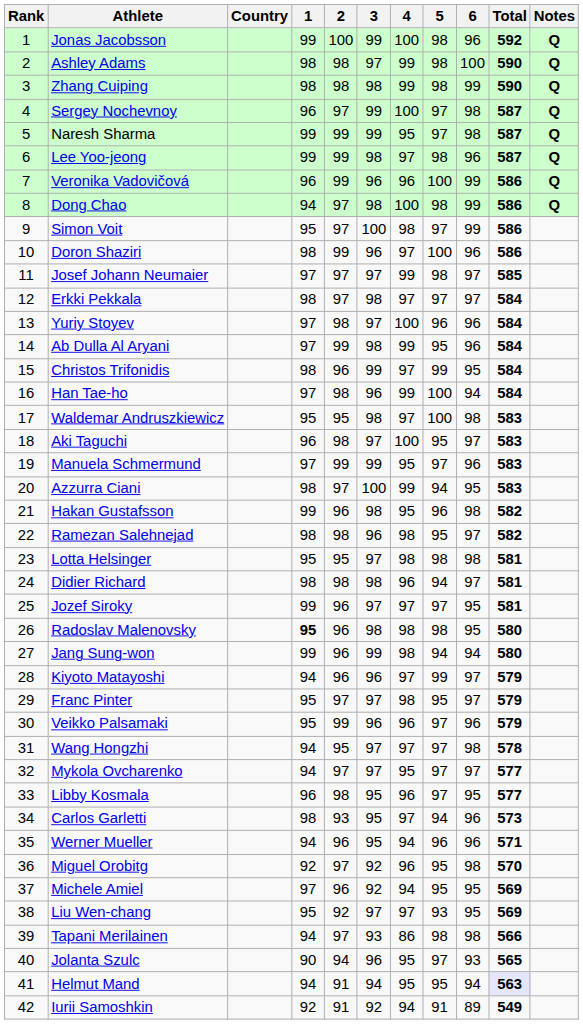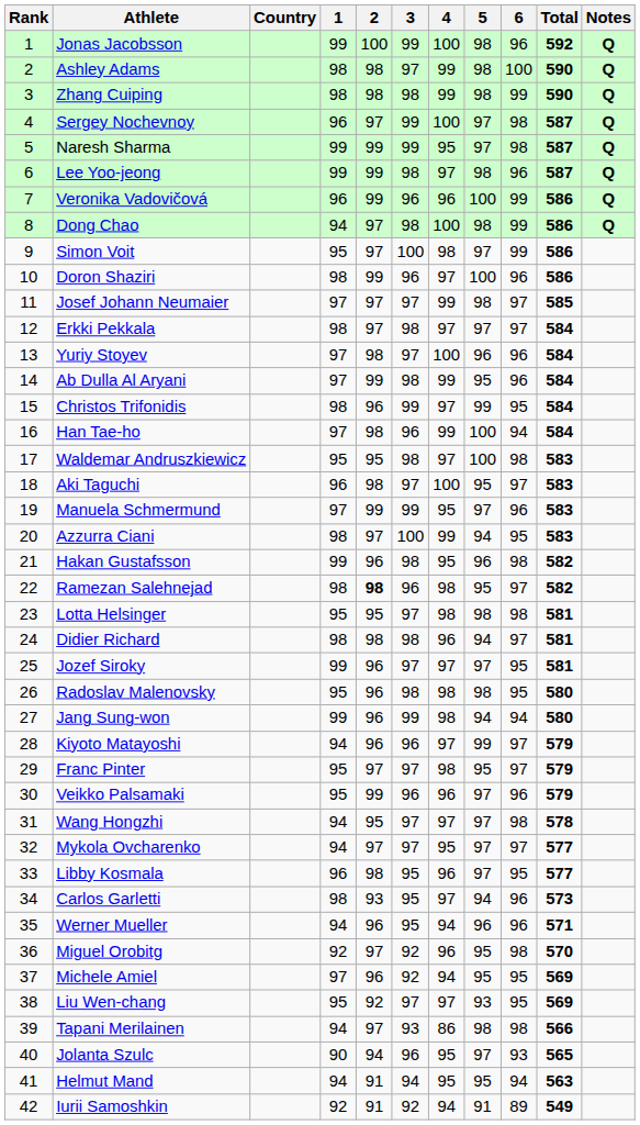 <table class="wikitable sortable" style="text-align:center">
 <tr>
 <th>Rank</th>
 <th>Athlete</th>
 <th>Country</th>
 <th style="width: 28px">1</th>
 <th style="width: 28px">2</th>
 <th style="width: 28px">3</th>
 <th style="width: 28px">4</th>
 <th style="width: 28px">5</th>
 <th style="width: 28px">6</th>
 <th>Total</th>
 <th class="unsortable">Notes</th>
 </tr>
 <tr bgcolor=#ccffcc>
 <td>1</td>
 <td align="left"><a href='#'>Jonas Jacobsson</a></td>
 <td align="left"></td>
 <td align="center">99</td>
 <td align="center">100</td>
 <td align="center">99</td>
 <td align="center">100</td>
 <td align="center">98</td>
 <td align="center">96</td>
 <td align="center"><strong>592</strong></td>
 <td align="center"><strong>Q</strong></td>
 </tr>
 <tr bgcolor=#ccffcc>
 <td>2</td>
 <td align="left"><a href='#'>Ashley Adams</a></td>
 <td align="left"></td>
 <td align="center">98</td>
 <td align="center">98</td>
 <td align="center">97</td>
 <td align="center">99</td>
 <td align="center">98</td>
 <td align="center">100</td>
 <td align="center"><strong>590</strong></td>
 <td align="center"><strong>Q</strong></td>
 </tr>
 <tr bgcolor=#ccffcc>
 <td>3</td>
 <td align="left"><a href='#'>Zhang Cuiping</a></td>
 <td align="left"></td>
 <td align="center">98</td>
 <td align="center">98</td>
 <td align="center">98</td>
 <td align="center">99</td>
 <td align="center">98</td>
 <td align="center">99</td>
 <td align="center"><strong>590</strong></td>
 <td align="center"><strong>Q</strong></td>
 </tr>
 <tr bgcolor=#ccffcc>
 <td>4</td>
 <td align="left"><a href='#'>Sergey Nochevnoy</a></td>
 <td align="left"></td>
 <td align="center">96</td>
 <td align="center">97</td>
 <td align="center">99</td>
 <td align="center">100</td>
 <td align="center">97</td>
 <td align="center">98</td>
 <td align="center"><strong>587</strong></td>
 <td align="center"><strong>Q</strong></td>
 </tr>
 <tr bgcolor=#ccffcc>
 <td>5</td>
 <td align="left">Naresh Sharma</td>
 <td align="left"></td>
 <td align="center">99</td>
 <td align="center">99</td>
 <td align="center">99</td>
 <td align="center">95</td>
 <td align="center">97</td>
 <td align="center">98</td>
 <td align="center"><strong>587</strong></td>
 <td align="center"><strong>Q</strong></td>
 </tr>
 <tr bgcolor=#ccffcc>
 <td>6</td>
 <td align="left"><a href='#'>Lee Yoo-jeong</a></td>
 <td align="left"></td>
 <td align="center">99</td>
 <td align="center">99</td>
 <td align="center">98</td>
 <td align="center">97</td>
 <td align="center">98</td>
 <td align="center">96</td>
 <td align="center"><strong>587</strong></td>
 <td align="center"><strong>Q</strong></td>
 </tr>
 <tr bgcolor=#ccffcc>
 <td>7</td>
 <td align="left"><a href='#'>Veronika Vadovičová</a></td>
 <td align="left"></td>
 <td align="center">96</td>
 <td align="center">99</td>
 <td align="center">96</td>
 <td align="center">96</td>
 <td align="center">100</td>
 <td align="center">99</td>
 <td align="center"><strong>586</strong></td>
 <td align="center"><strong>Q</strong></td>
 </tr>
 <tr bgcolor=#ccffcc>
 <td>8</td>
 <td align="left"><a href='#'>Dong Chao</a></td>
 <td align="left"></td>
 <td align="center">94</td>
 <td align="center">97</td>
 <td align="center">98</td>
 <td align="center">100</td>
 <td align="center">98</td>
 <td align="center">99</td>
 <td align="center"><strong>586</strong></td>
 <td align="center"><strong>Q</strong></td>
 </tr>
 <tr>
 <td>9</td>
 <td align="left"><a href='#'>Simon Voit</a></td>
 <td align="left"></td>
 <td align="center">95</td>
 <td align="center">97</td>
 <td align="center">100</td>
 <td align="center">98</td>
 <td align="center">97</td>
 <td align="center">99</td>
 <td align="center"><strong>586</strong></td>
 <td></td>
 </tr>
 <tr>
 <td>10</td>
 <td align="left"><a href='#'>Doron Shaziri</a></td>
 <td align="left"></td>
 <td align="center">98</td>
 <td align="center">99</td>
 <td align="center">96</td>
 <td align="center">97</td>
 <td align="center">100</td>
 <td align="center">96</td>
 <td align="center"><strong>586</strong></td>
 <td></td>
 </tr>
 <tr>
 <td>11</td>
 <td align="left"><a href='#'>Josef Johann Neumaier</a></td>
 <td align="left"></td>
 <td align="center">97</td>
 <td align="center">97</td>
 <td align="center">97</td>
 <td align="center">99</td>
 <td align="center">98</td>
 <td align="center">97</td>
 <td align="center"><strong>585</strong></td>
 <td></td>
 </tr>
 <tr>
 <td>12</td>
 <td align="left"><a href='#'>Erkki Pekkala</a></td>
 <td align="left"></td>
 <td align="center">98</td>
 <td align="center">97</td>
 <td align="center">98</td>
 <td align="center">97</td>
 <td align="center">97</td>
 <td align="center">97</td>
 <td align="center"><strong>584</strong></td>
 <td></td>
 </tr>
 <tr>
 <td>13</td>
 <td align="left"><a href='#'>Yuriy Stoyev</a></td>
 <td align="left"></td>
 <td align="center">97</td>
 <td align="center">98</td>
 <td align="center">97</td>
 <td align="center">100</td>
 <td align="center">96</td>
 <td align="center">96</td>
 <td align="center"><strong>584</strong></td>
 <td></td>
 </tr>
 <tr>
 <td>14</td>
 <td align="left"><a href='#'>Ab Dulla Al Aryani</a></td>
 <td align="left"></td>
 <td align="center">97</td>
 <td align="center">99</td>
 <td align="center">98</td>
 <td align="center">99</td>
 <td align="center">95</td>
 <td align="center">96</td>
 <td align="center"><strong>584</strong></td>
 <td></td>
 </tr>
 <tr>
 <td>15</td>
 <td align="left"><a href='#'>Christos Trifonidis</a></td>
 <td align="left"></td>
 <td align="center">98</td>
 <td align="center">96</td>
 <td align="center">99</td>
 <td align="center">97</td>
 <td align="center">99</td>
 <td align="center">95</td>
 <td align="center"><strong>584</strong></td>
 <td></td>
 </tr>
 <tr>
 <td>16</td>
 <td align="left"><a href='#'>Han Tae-ho</a></td>
 <td align="left"></td>
 <td align="center">97</td>
 <td align="center">98</td>
 <td align="center">96</td>
 <td align="center">99</td>
 <td align="center">100</td>
 <td align="center">94</td>
 <td align="center"><strong>584</strong></td>
 <td></td>
 </tr>
 <tr>
 <td>17</td>
 <td align="left"><a href='#'>Waldemar Andruszkiewicz</a></td>
 <td align="left"></td>
 <td align="center">95</td>
 <td align="center">95</td>
 <td align="center">98</td>
 <td align="center">97</td>
 <td align="center">100</td>
 <td align="center">98</td>
 <td align="center"><strong>583</strong></td>
 <td></td>
 </tr>
 <tr>
 <td>18</td>
 <td align="left"><a href='#'>Aki Taguchi</a></td>
 <td align="left"></td>
 <td align="center">96</td>
 <td align="center">98</td>
 <td align="center">97</td>
 <td align="center">100</td>
 <td align="center">95</td>
 <td align="center">97</td>
 <td align="center"><strong>583</strong></td>
 <td></td>
 </tr>
 <tr>
 <td>19</td>
 <td align="left"><a href='#'>Manuela Schmermund</a></td>
 <td align="left"></td>
 <td align="center">97</td>
 <td align="center">99</td>
 <td align="center">99</td>
 <td align="center">95</td>
 <td align="center">97</td>
 <td align="center">96</td>
 <td align="center"><strong>583</strong></td>
 <td></td>
 </tr>
 <tr>
 <td>20</td>
 <td align="left"><a href='#'>Azzurra Ciani</a></td>
 <td align="left"></td>
 <td align="center">98</td>
 <td align="center">97</td>
 <td align="center">100</td>
 <td align="center">99</td>
 <td align="center">94</td>
 <td align="center">95</td>
 <td align="center"><strong>583</strong></td>
 <td></td>
 </tr>
 <tr>
 <td>21</td>
 <td align="left"><a href='#'>Hakan Gustafsson</a></td>
 <td align="left"></td>
 <td align="center">99</td>
 <td align="center">96</td>
 <td align="center">98</td>
 <td align="center">95</td>
 <td align="center">96</td>
 <td align="center">98</td>
 <td align="center"><strong>582</strong></td>
 <td></td>
 </tr>
 <tr>
 <td>22</td>
 <td align="left"><a href='#'>Ramezan Salehnejad</a></td>
 <td align="left"></td>
 <td align="center">98</td>
-<td align="center">98</td>
+<td align="center"><strong>98</strong></td>
 <td align="center">96</td>
 <td align="center">98</td>
 <td align="center">95</td>
 <td align="center">97</td>
 <td align="center"><strong>582</strong></td>
 <td></td>
 </tr>
 <tr>
 <td>23</td>
 <td align="left"><a href='#'>Lotta Helsinger</a></td>
 <td align="left"></td>
 <td align="center">95</td>
 <td align="center">95</td>
 <td align="center">97</td>
 <td align="center">98</td>
 <td align="center">98</td>
 <td align="center">98</td>
 <td align="center"><strong>581</strong></td>
 <td></td>
 </tr>
 <tr>
 <td>24</td>
 <td align="left"><a href='#'>Didier Richard</a></td>
 <td align="left"></td>
 <td align="center">98</td>
 <td align="center">98</td>
 <td align="center">98</td>
 <td align="center">96</td>
 <td align="center">94</td>
 <td align="center">97</td>
 <td align="center"><strong>581</strong></td>
 <td></td>
 </tr>
 <tr>
 <td>25</td>
 <td align="left"><a href='#'>Jozef Siroky</a></td>
 <td align="left"></td>
 <td align="center">99</td>
 <td align="center">96</td>
 <td align="center">97</td>
 <td align="center">97</td>
 <td align="center">97</td>
 <td align="center">95</td>
 <td align="center"><strong>581</strong></td>
 <td></td>
 </tr>
 <tr>
 <td>26</td>
 <td align="left"><a href='#'>Radoslav Malenovsky</a></td>
 <td align="left"></td>
-<td align="center"><strong>95</strong></td>
+<td align="center">95</td>
 <td align="center">96</td>
 <td align="center">98</td>
 <td align="center">98</td>
 <td align="center">98</td>
 <td align="center">95</td>
 <td align="center"><strong>580</strong></td>
 <td></td>
 </tr>
 <tr>
 <td>27</td>
 <td align="left"><a href='#'>Jang Sung-won</a></td>
 <td align="left"></td>
 <td align="center">99</td>
 <td align="center">96</td>
 <td align="center">99</td>
 <td align="center">98</td>
 <td align="center">94</td>
 <td align="center">94</td>
 <td align="center"><strong>580</strong></td>
 <td></td>
 </tr>
 <tr>
 <td>28</td>
 <td align="left"><a href='#'>Kiyoto Matayoshi</a></td>
 <td align="left"></td>
 <td align="center">94</td>
 <td align="center">96</td>
 <td align="center">96</td>
 <td align="center">97</td>
 <td align="center">99</td>
 <td align="center">97</td>
 <td align="center"><strong>579</strong></td>
 <td></td>
 </tr>
 <tr>
 <td>29</td>
 <td align="left"><a href='#'>Franc Pinter</a></td>
 <td align="left"></td>
 <td align="center">95</td>
 <td align="center">97</td>
 <td align="center">97</td>
 <td align="center">98</td>
 <td align="center">95</td>
 <td align="center">97</td>
 <td align="center"><strong>579</strong></td>
 <td></td>
 </tr>
 <tr>
 <td>30</td>
 <td align="left"><a href='#'>Veikko Palsamaki</a></td>
 <td align="left"></td>
 <td align="center">95</td>
 <td align="center">99</td>
 <td align="center">96</td>
 <td align="center">96</td>
 <td align="center">97</td>
 <td align="center">96</td>
 <td align="center"><strong>579</strong></td>
 <td></td>
 </tr>
 <tr>
 <td>31</td>
 <td align="left"><a href='#'>Wang Hongzhi</a></td>
 <td align="left"></td>
 <td align="center">94</td>
 <td align="center">95</td>
 <td align="center">97</td>
 <td align="center">97</td>
 <td align="center">97</td>
 <td align="center">98</td>
 <td align="center"><strong>578</strong></td>
 <td></td>
 </tr>
 <tr>
 <td>32</td>
 <td align="left"><a href='#'>Mykola Ovcharenko</a></td>
 <td align="left"></td>
 <td align="center">94</td>
 <td align="center">97</td>
 <td align="center">97</td>
 <td align="center">95</td>
 <td align="center">97</td>
 <td align="center">97</td>
 <td align="center"><strong>577</strong></td>
 <td></td>
 </tr>
 <tr>
 <td>33</td>
 <td align="left"><a href='#'>Libby Kosmala</a></td>
 <td align="left"></td>
 <td align="center">96</td>
 <td align="center">98</td>
 <td align="center">95</td>
 <td align="center">96</td>
 <td align="center">97</td>
 <td align="center">95</td>
 <td align="center"><strong>577</strong></td>
 <td></td>
 </tr>
 <tr>
 <td>34</td>
 <td align="left"><a href='#'>Carlos Garletti</a></td>
 <td align="left"></td>
 <td align="center">98</td>
 <td align="center">93</td>
 <td align="center">95</td>
 <td align="center">97</td>
 <td align="center">94</td>
 <td align="center">96</td>
 <td align="center"><strong>573</strong></td>
 <td></td>
 </tr>
 <tr>
 <td>35</td>
 <td align="left"><a href='#'>Werner Mueller</a></td>
 <td align="left"></td>
 <td align="center">94</td>
 <td align="center">96</td>
 <td align="center">95</td>
 <td align="center">94</td>
 <td align="center">96</td>
 <td align="center">96</td>
 <td align="center"><strong>571</strong></td>
 <td></td>
 </tr>
 <tr>
 <td>36</td>
 <td align="left"><a href='#'>Miguel Orobitg</a></td>
 <td align="left"></td>
 <td align="center">92</td>
 <td align="center">97</td>
 <td align="center">92</td>
 <td align="center">96</td>
 <td align="center">95</td>
 <td align="center">98</td>
 <td align="center"><strong>570</strong></td>
 <td></td>
 </tr>
 <tr>
 <td>37</td>
 <td align="left"><a href='#'>Michele Amiel</a></td>
 <td align="left"></td>
 <td align="center">97</td>
 <td align="center">96</td>
 <td align="center">92</td>
 <td align="center">94</td>
 <td align="center">95</td>
 <td align="center">95</td>
 <td align="center"><strong>569</strong></td>
 <td></td>
 </tr>
 <tr>
 <td>38</td>
 <td align="left"><a href='#'>Liu Wen-chang</a></td>
 <td align="left"></td>
 <td align="center">95</td>
 <td align="center">92</td>
 <td align="center">97</td>
 <td align="center">97</td>
 <td align="center">93</td>
 <td align="center">95</td>
 <td align="center"><strong>569</strong></td>
 <td></td>
 </tr>
 <tr>
 <td>39</td>
 <td align="left"><a href='#'>Tapani Merilainen</a></td>
 <td align="left"></td>
 <td align="center">94</td>
 <td align="center">97</td>
 <td align="center">93</td>
 <td align="center">86</td>
 <td align="center">98</td>
 <td align="center">98</td>
 <td align="center"><strong>566</strong></td>
 <td></td>
 </tr>
 <tr>
 <td>40</td>
 <td align="left"><a href='#'>Jolanta Szulc</a></td>
 <td align="left"></td>
 <td align="center">90</td>
 <td align="center">94</td>
 <td align="center">96</td>
 <td align="center">95</td>
 <td align="center">97</td>
 <td align="center">93</td>
 <td align="center"><strong>565</strong></td>
 <td></td>
 </tr>
 <tr>
 <td>41</td>
 <td align="left"><a href='#'>Helmut Mand</a></td>
 <td align="left"></td>
 <td align="center">94</td>
 <td align="center">91</td>
 <td align="center">94</td>
 <td align="center">95</td>
 <td align="center">95</td>
 <td align="center">94</td>
-<td align="center" style="background: lavender;"><strong>563</strong></td>
+<td align="center"><strong>563</strong></td>
 <td></td>
 </tr>
 <tr>
 <td>42</td>
 <td align="left"><a href='#'>Iurii Samoshkin</a></td>
 <td align="left"></td>
 <td align="center">92</td>
 <td align="center">91</td>
 <td align="center">92</td>
 <td align="center">94</td>
 <td align="center">91</td>
 <td align="center">89</td>
 <td align="center"><strong>549</strong></td>
 <td></td>
 </tr>
 </table>
